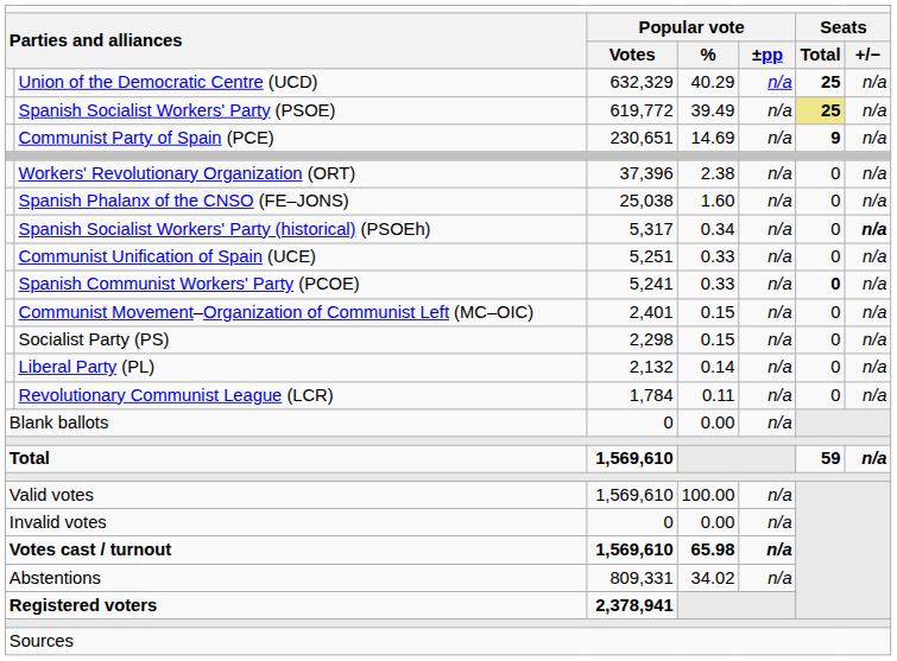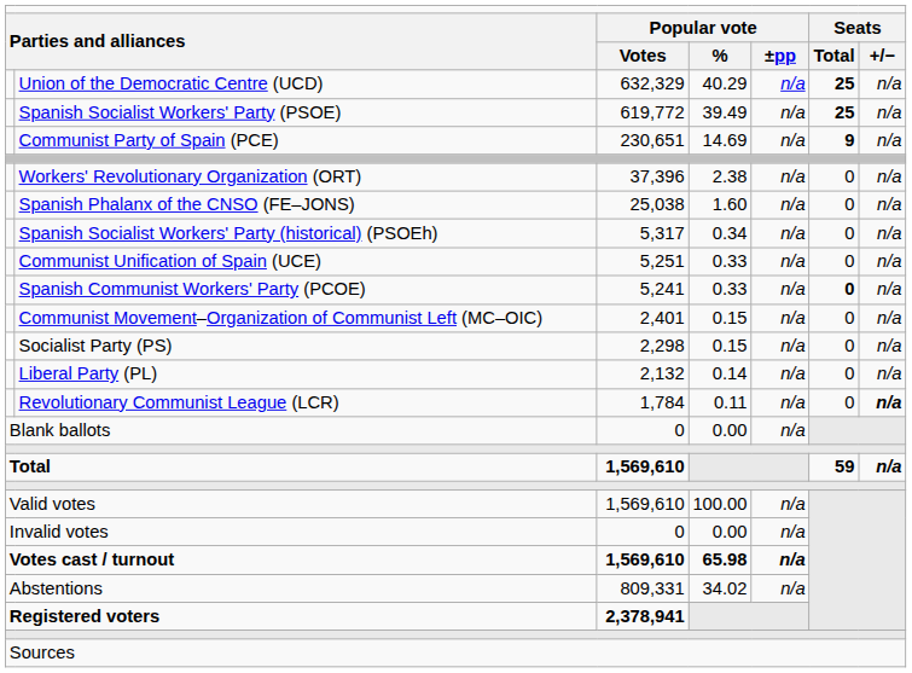 <table class="wikitable" style="text-align:right;">
 <tr>
 <td colspan="7"></td>
 </tr>
 <tr>
 <th style="text-align:left;" rowspan="2" colspan="2" width="525">Parties and alliances</th>
 <th colspan="3">Popular vote</th>
 <th colspan="2">Seats</th>
 </tr>
 <tr>
 <th width="75">Votes</th>
 <th width="45">%</th>
 <th width="45">±<a href='#'>pp</a></th>
 <th width="35">Total</th>
 <th width="35">+/−</th>
 </tr>
 <tr>
 <td width="1" style="color:inherit;background:"></td>
 <td align="left"><a href='#'>Union of the Democratic Centre</a> (UCD)</td>
 <td>632,329</td>
 <td>40.29</td>
 <td><em><a href='#'>n/a</a></em></td>
 <td><strong>25</strong></td>
 <td><em>n/a</em></td>
 </tr>
 <tr>
 <td style="color:inherit;background:"></td>
 <td align="left"><a href='#'>Spanish Socialist Workers' Party</a> (PSOE)</td>
 <td>619,772</td>
 <td>39.49</td>
 <td><em>n/a</em></td>
-<td style="background: khaki;"><strong>25</strong></td>
+<td><strong>25</strong></td>
 <td><em>n/a</em></td>
 </tr>
 <tr>
 <td style="color:inherit;background:"></td>
 <td align="left"><a href='#'>Communist Party of Spain</a> (PCE)</td>
 <td>230,651</td>
 <td>14.69</td>
 <td><em>n/a</em></td>
 <td><strong>9</strong></td>
 <td><em>n/a</em></td>
 </tr>
 <tr>
 <td colspan="7" bgcolor="#C0C0C0"></td>
 </tr>
 <tr>
 <td style="color:inherit;background:"></td>
 <td align="left"><a href='#'>Workers' Revolutionary Organization</a> (ORT)</td>
 <td>37,396</td>
 <td>2.38</td>
 <td><em>n/a</em></td>
 <td>0</td>
 <td><em>n/a</em></td>
 </tr>
 <tr>
 <td style="color:inherit;background:"></td>
 <td align="left"><a href='#'>Spanish Phalanx of the CNSO</a> (FE–JONS)</td>
 <td>25,038</td>
 <td>1.60</td>
 <td><em>n/a</em></td>
 <td>0</td>
 <td><em>n/a</em></td>
 </tr>
 <tr>
 <td style="color:inherit;background:"></td>
 <td align="left"><a href='#'>Spanish Socialist Workers' Party (historical)</a> (PSOEh)</td>
 <td>5,317</td>
 <td>0.34</td>
 <td><em>n/a</em></td>
 <td>0</td>
-<td><strong><em>n/a</em></strong></td>
+<td><em>n/a</em></td>
 </tr>
 <tr>
 <td style="color:inherit;background:"></td>
 <td align="left"><a href='#'>Communist Unification of Spain</a> (UCE)</td>
 <td>5,251</td>
 <td>0.33</td>
 <td><em>n/a</em></td>
 <td>0</td>
 <td><em>n/a</em></td>
 </tr>
 <tr>
 <td style="color:inherit;background:"></td>
 <td align="left"><a href='#'>Spanish Communist Workers' Party</a> (PCOE)</td>
 <td>5,241</td>
 <td>0.33</td>
 <td><em>n/a</em></td>
 <td><strong>0</strong></td>
 <td><em>n/a</em></td>
 </tr>
 <tr>
 <td style="color:inherit;background:"></td>
 <td align="left"><a href='#'>Communist Movement</a>–<a href='#'>Organization of Communist Left</a> (MC–OIC)</td>
 <td>2,401</td>
 <td>0.15</td>
 <td><em>n/a</em></td>
 <td>0</td>
 <td><em>n/a</em></td>
 </tr>
 <tr>
 <td bgcolor="white"></td>
 <td align="left">Socialist Party (PS)</td>
 <td>2,298</td>
 <td>0.15</td>
 <td><em>n/a</em></td>
 <td>0</td>
 <td><em>n/a</em></td>
 </tr>
 <tr>
 <td style="color:inherit;background:"></td>
 <td align="left"><a href='#'>Liberal Party</a> (PL)</td>
 <td>2,132</td>
 <td>0.14</td>
 <td><em>n/a</em></td>
 <td>0</td>
 <td><em>n/a</em></td>
 </tr>
 <tr>
 <td style="color:inherit;background:"></td>
 <td align="left"><a href='#'>Revolutionary Communist League</a> (LCR)</td>
 <td>1,784</td>
 <td>0.11</td>
 <td><em>n/a</em></td>
 <td>0</td>
-<td><em>n/a</em></td>
+<td><strong><em>n/a</em></strong></td>
 </tr>
 <tr>
 <td align="left" colspan="2">Blank ballots</td>
 <td>0</td>
 <td>0.00</td>
 <td><em>n/a</em></td>
 <td bgcolor="#E9E9E9" colspan="2"></td>
 </tr>
 <tr>
 <td colspan="7" bgcolor="#E9E9E9"></td>
 </tr>
 <tr style="font-weight:bold;">
 <td align="left" colspan="2">Total</td>
 <td>1,569,610</td>
 <td bgcolor="#E9E9E9" colspan="2"></td>
 <td>59</td>
 <td><em>n/a</em></td>
 </tr>
 <tr>
 <td colspan="7" bgcolor="#E9E9E9"></td>
 </tr>
 <tr>
 <td align="left" colspan="2">Valid votes</td>
 <td>1,569,610</td>
 <td>100.00</td>
 <td><em>n/a</em></td>
 <td bgcolor="#E9E9E9" colspan="2" rowspan="5"></td>
 </tr>
 <tr>
 <td align="left" colspan="2">Invalid votes</td>
 <td>0</td>
 <td>0.00</td>
 <td><em>n/a</em></td>
 </tr>
 <tr style="font-weight:bold;">
 <td align="left" colspan="2">Votes cast / turnout</td>
 <td>1,569,610</td>
 <td>65.98</td>
 <td><em>n/a</em></td>
 </tr>
 <tr>
 <td align="left" colspan="2">Abstentions</td>
 <td>809,331</td>
 <td>34.02</td>
 <td><em>n/a</em></td>
 </tr>
 <tr style="font-weight:bold;">
 <td align="left" colspan="2">Registered voters</td>
 <td>2,378,941</td>
 <td bgcolor="#E9E9E9" colspan="2"></td>
 </tr>
 <tr>
 <td colspan="7" bgcolor="#E9E9E9"></td>
 </tr>
 <tr>
 <td align="left" colspan="7">Sources</td>
 </tr>
 </table>
